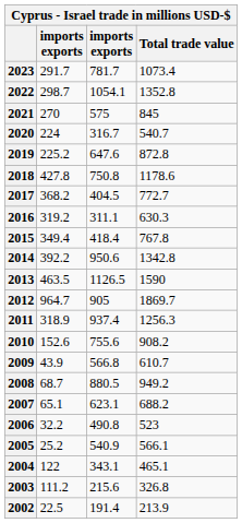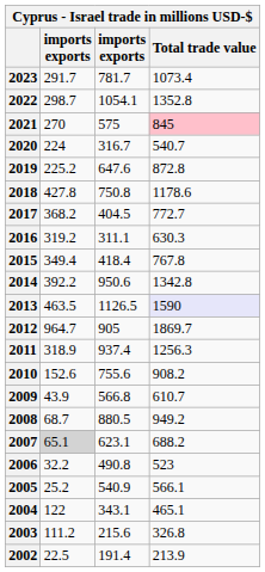 <table class="wikitable mw-collapsible mw-collapsed">
 <tr>
 <th colspan="4">Cyprus - Israel trade in millions USD-$</th>
 </tr>
 <tr>
 <th></th>
 <th> imports<br> exports</th>
 <th> imports<br> exports</th>
 <th>Total trade value</th>
 </tr>
 <tr>
 <th>2023</th>
 <td>291.7</td>
 <td>781.7</td>
 <td>1073.4</td>
 </tr>
 <tr>
 <th>2022</th>
 <td>298.7</td>
 <td>1054.1</td>
 <td>1352.8</td>
 </tr>
 <tr>
 <th>2021</th>
 <td>270</td>
 <td>575</td>
-<td>845</td>
+<td style="background: pink;">845</td>
 </tr>
 <tr>
 <th>2020</th>
 <td>224</td>
 <td>316.7</td>
 <td>540.7</td>
 </tr>
 <tr>
 <th>2019</th>
 <td>225.2</td>
 <td>647.6</td>
 <td>872.8</td>
 </tr>
 <tr>
 <th>2018</th>
 <td>427.8</td>
 <td>750.8</td>
 <td>1178.6</td>
 </tr>
 <tr>
 <th>2017</th>
 <td>368.2</td>
 <td>404.5</td>
 <td>772.7</td>
 </tr>
 <tr>
 <th>2016</th>
 <td>319.2</td>
 <td>311.1</td>
 <td>630.3</td>
 </tr>
 <tr>
 <th>2015</th>
 <td>349.4</td>
 <td>418.4</td>
 <td>767.8</td>
 </tr>
 <tr>
 <th>2014</th>
 <td>392.2</td>
 <td>950.6</td>
 <td>1342.8</td>
 </tr>
 <tr>
 <th>2013</th>
 <td>463.5</td>
 <td>1126.5</td>
-<td>1590</td>
+<td style="background: lavender;">1590</td>
 </tr>
 <tr>
 <th>2012</th>
 <td>964.7</td>
 <td>905</td>
 <td>1869.7</td>
 </tr>
 <tr>
 <th>2011</th>
 <td>318.9</td>
 <td>937.4</td>
 <td>1256.3</td>
 </tr>
 <tr>
 <th>2010</th>
 <td>152.6</td>
 <td>755.6</td>
 <td>908.2</td>
 </tr>
 <tr>
 <th>2009</th>
 <td>43.9</td>
 <td>566.8</td>
 <td>610.7</td>
 </tr>
 <tr>
 <th>2008</th>
 <td>68.7</td>
 <td>880.5</td>
 <td>949.2</td>
 </tr>
 <tr>
 <th>2007</th>
-<td>65.1</td>
+<td style="background: lightgrey;">65.1</td>
 <td>623.1</td>
 <td>688.2</td>
 </tr>
 <tr>
 <th>2006</th>
 <td>32.2</td>
 <td>490.8</td>
 <td>523</td>
 </tr>
 <tr>
 <th>2005</th>
 <td>25.2</td>
 <td>540.9</td>
 <td>566.1</td>
 </tr>
 <tr>
 <th>2004</th>
 <td>122</td>
 <td>343.1</td>
 <td>465.1</td>
 </tr>
 <tr>
 <th>2003</th>
 <td>111.2</td>
 <td>215.6</td>
 <td>326.8</td>
 </tr>
 <tr>
 <th>2002</th>
 <td>22.5</td>
 <td>191.4</td>
 <td>213.9</td>
 </tr>
 </table>
